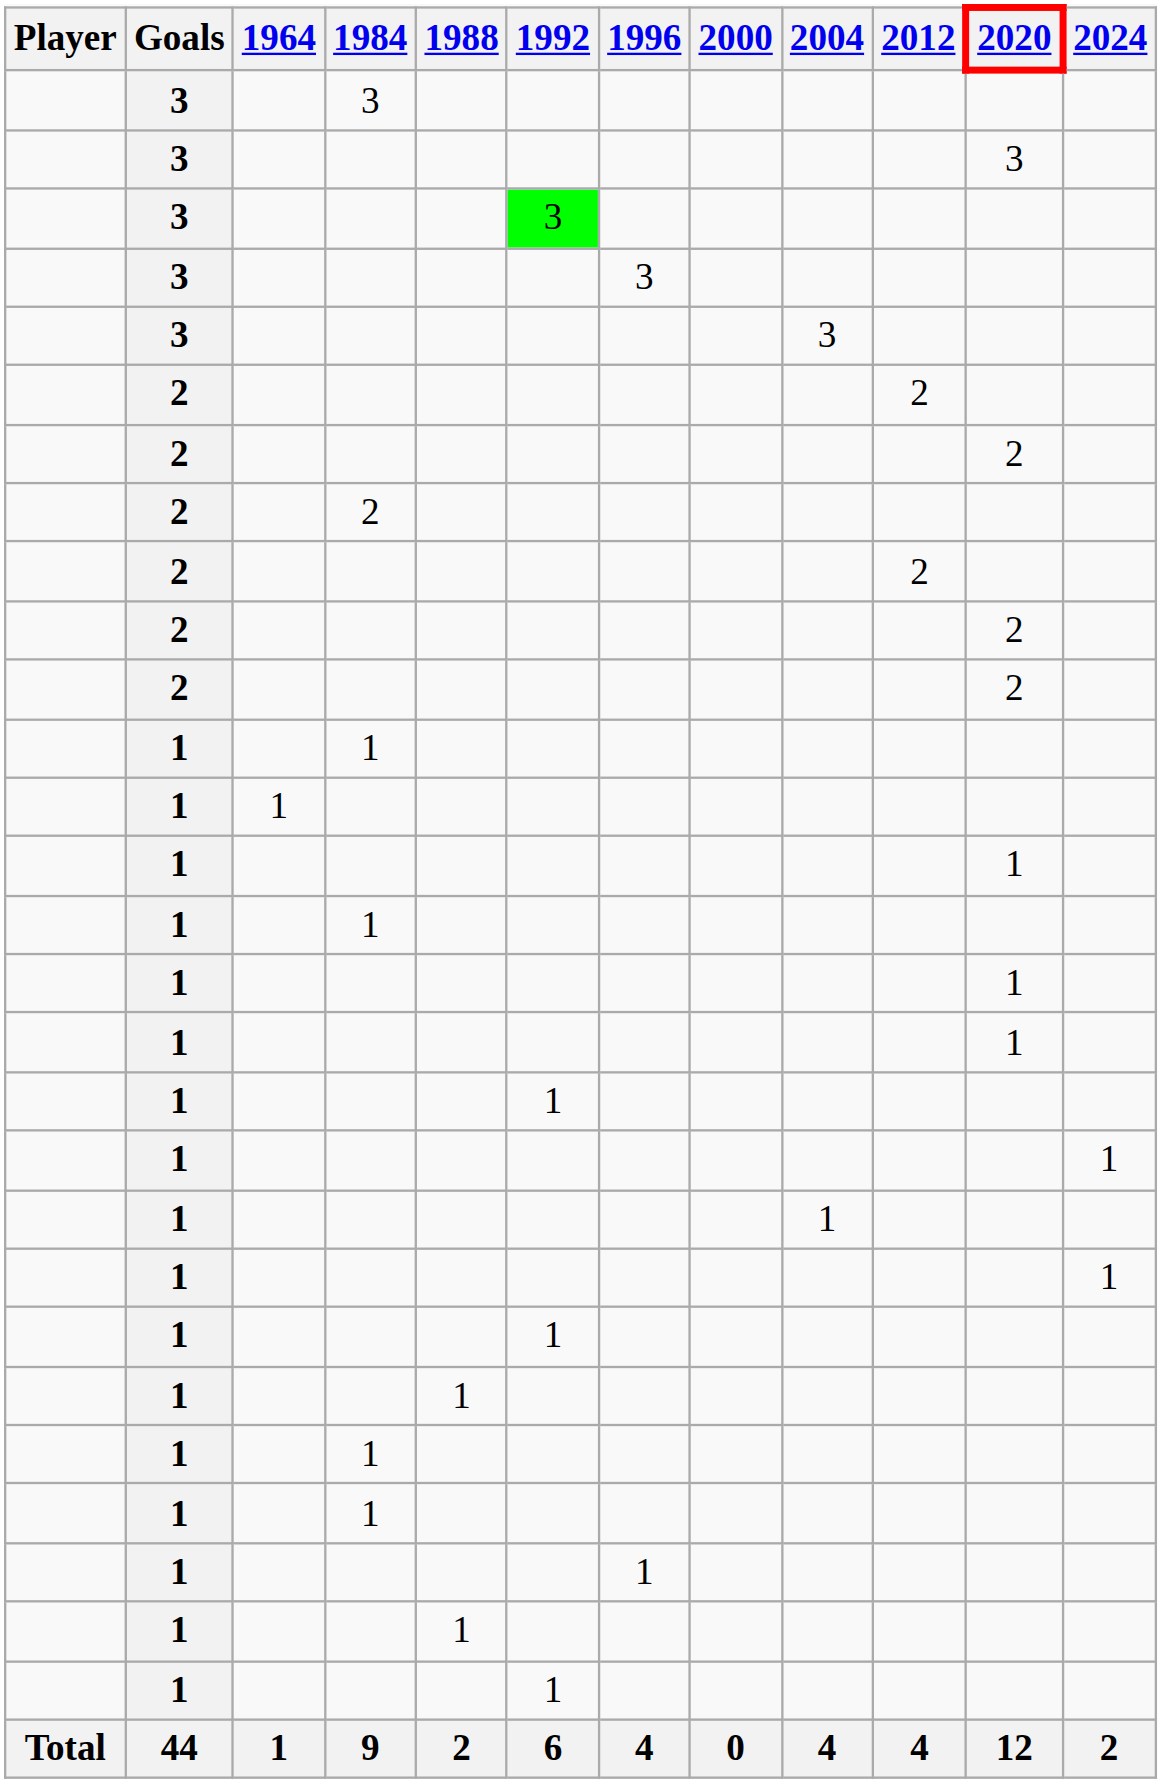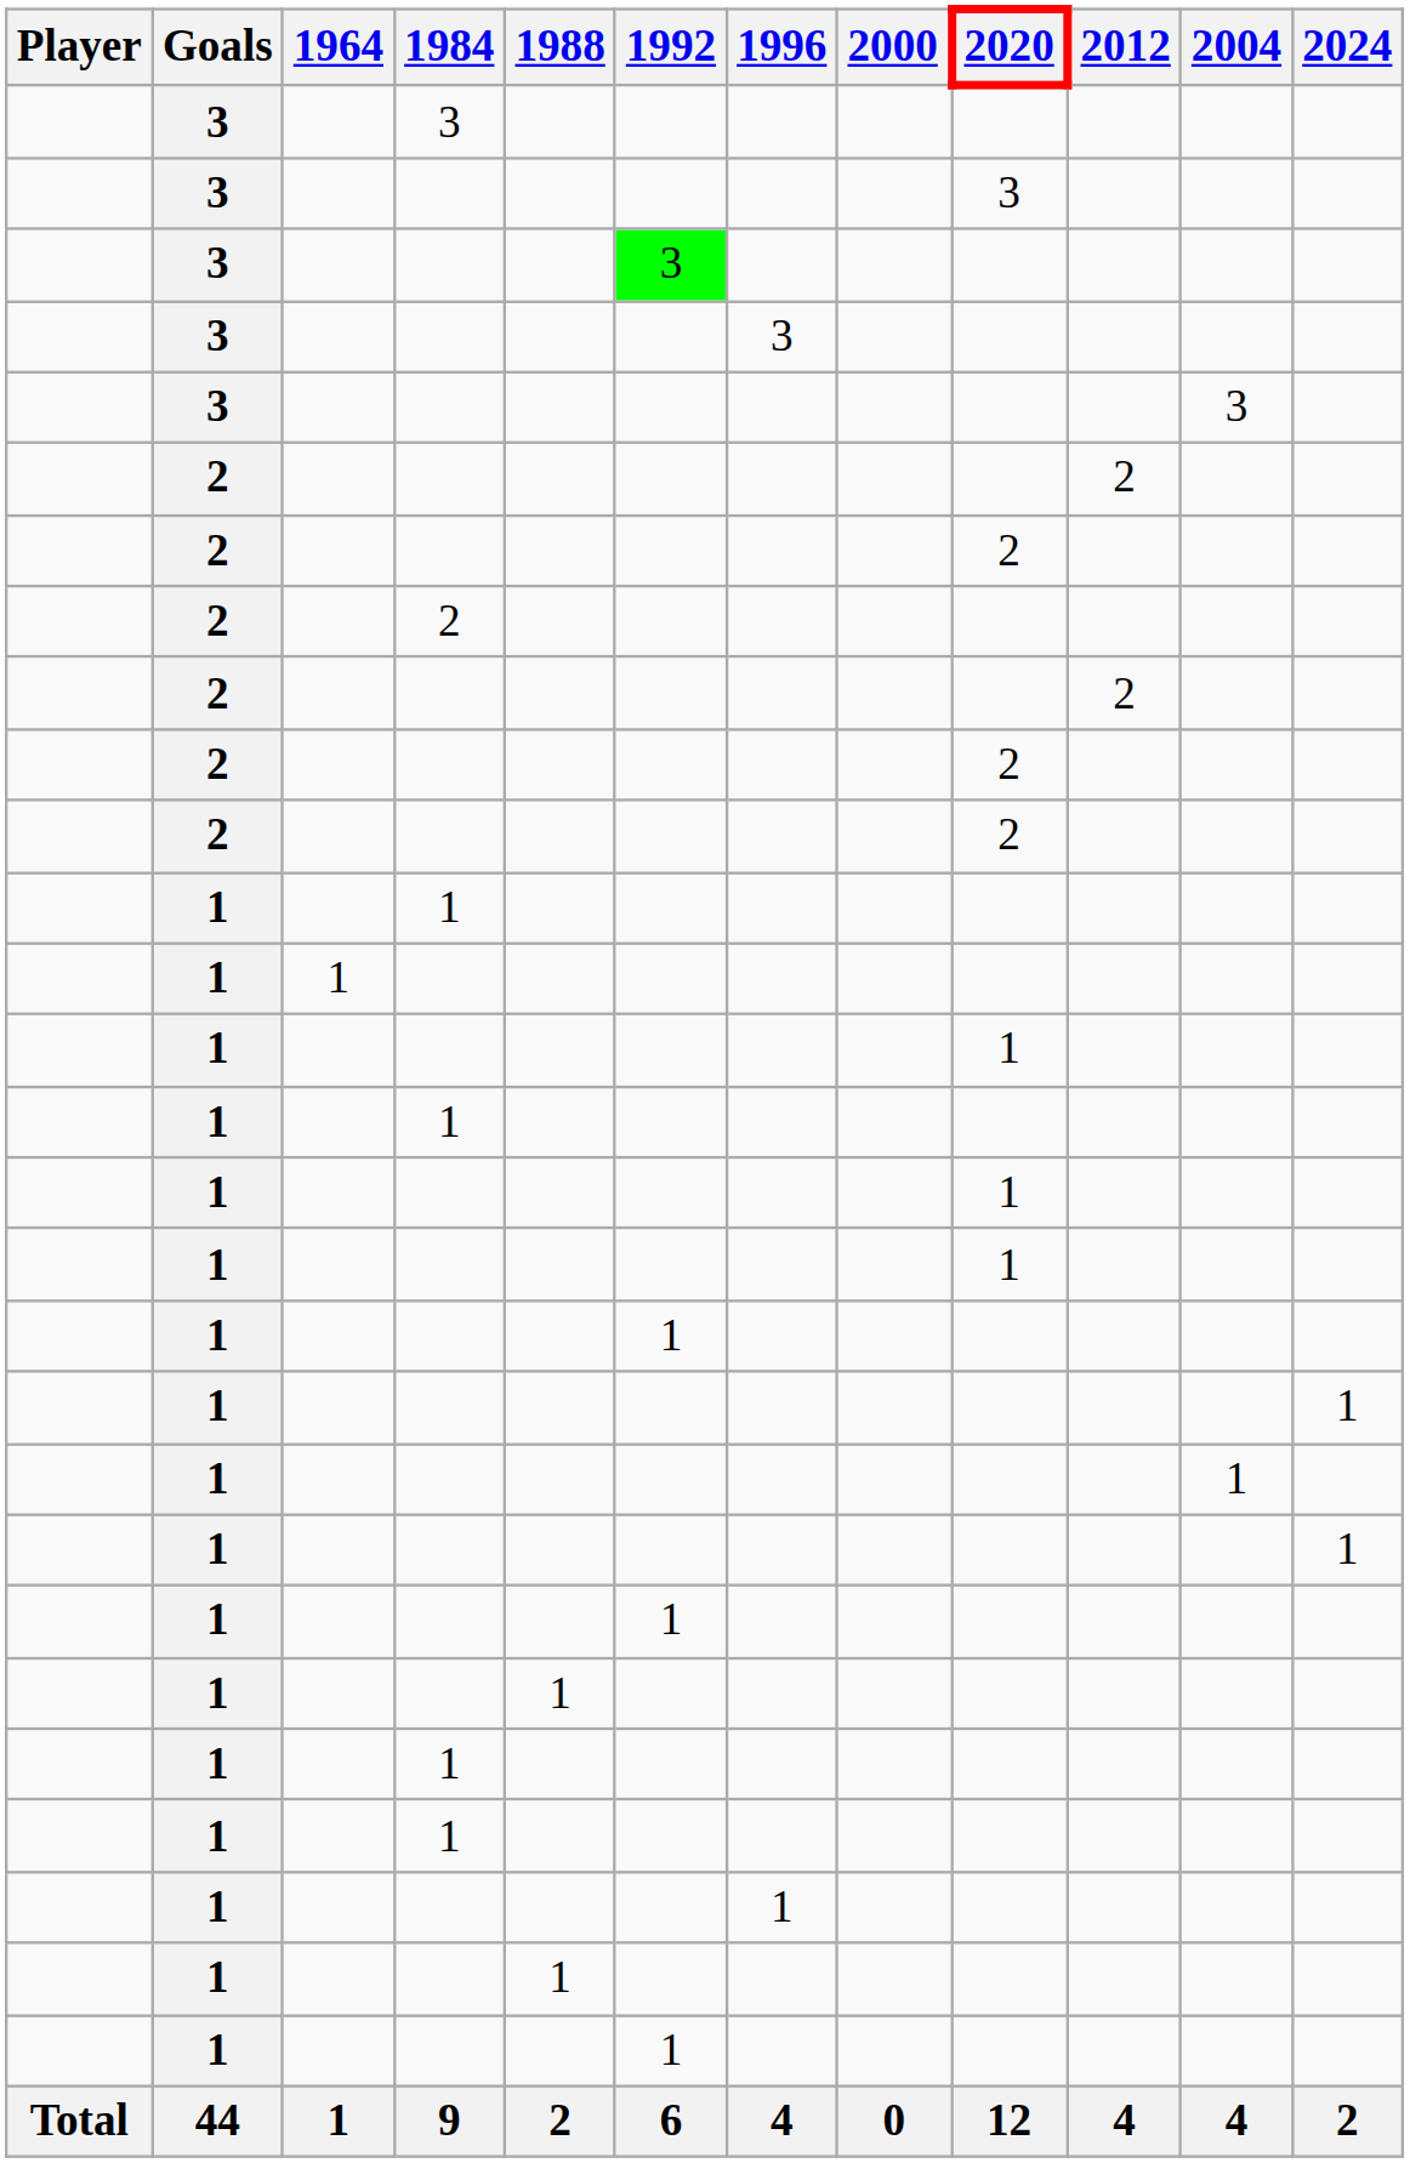 <table class="wikitable sortable" style="text-align:center;">
 <tr>
 <th>Player</th>
 <th>Goals</th>
 <th><a href='#'>1964</a></th>
 <th><a href='#'>1984</a></th>
 <th><a href='#'>1988</a></th>
 <th><a href='#'>1992</a></th>
 <th><a href='#'>1996</a></th>
 <th><a href='#'>2000</a></th>
+<th style="border: 3px solid red"><a href='#'>2020</a></th>
+<th><a href='#'>2012</a></th>
 <th><a href='#'>2004</a></th>
-<th><a href='#'>2012</a></th>
-<th style="border: 3px solid red"><a href='#'>2020</a></th>
 <th><a href='#'>2024</a></th>
 </tr>
 <tr>
 <td align="left"></td>
 <th>3</th>
 <td></td>
 <td>3</td>
 <td></td>
 <td></td>
 <td></td>
 <td></td>
 <td></td>
 <td></td>
 <td></td>
 <td></td>
 </tr>
 <tr>
 <td align="left"></td>
 <th>3</th>
 <td></td>
 <td></td>
 <td></td>
 <td></td>
 <td></td>
 <td></td>
+<td>3</td>
 <td></td>
 <td></td>
-<td>3</td>
 <td></td>
 </tr>
 <tr>
 <td align="left"></td>
 <th>3</th>
 <td></td>
 <td></td>
 <td></td>
 <td style="background:#00FF00">3</td>
 <td></td>
 <td></td>
 <td></td>
 <td></td>
 <td></td>
 <td></td>
 </tr>
 <tr>
 <td align="left"></td>
 <th>3</th>
 <td></td>
 <td></td>
 <td></td>
 <td></td>
 <td>3</td>
 <td></td>
 <td></td>
 <td></td>
 <td></td>
 <td></td>
 </tr>
 <tr>
 <td align="left"></td>
 <th>3</th>
 <td></td>
 <td></td>
 <td></td>
 <td></td>
 <td></td>
 <td></td>
-<td>3</td>
 <td></td>
 <td></td>
+<td>3</td>
 <td></td>
 </tr>
 <tr>
 <td align="left"></td>
 <th>2</th>
 <td></td>
 <td></td>
 <td></td>
 <td></td>
 <td></td>
 <td></td>
 <td></td>
 <td>2</td>
 <td></td>
 <td></td>
 </tr>
 <tr>
 <td align="left"></td>
 <th>2</th>
 <td></td>
 <td></td>
 <td></td>
 <td></td>
 <td></td>
 <td></td>
+<td>2</td>
 <td></td>
 <td></td>
-<td>2</td>
 <td></td>
 </tr>
 <tr>
 <td align="left"></td>
 <th>2</th>
 <td></td>
 <td>2</td>
 <td></td>
 <td></td>
 <td></td>
 <td></td>
 <td></td>
 <td></td>
 <td></td>
 <td></td>
 </tr>
 <tr>
 <td align="left"></td>
 <th>2</th>
 <td></td>
 <td></td>
 <td></td>
 <td></td>
 <td></td>
 <td></td>
 <td></td>
 <td>2</td>
 <td></td>
 <td></td>
 </tr>
 <tr>
 <td align="left"></td>
 <th>2</th>
 <td></td>
 <td></td>
 <td></td>
 <td></td>
 <td></td>
 <td></td>
+<td>2</td>
 <td></td>
 <td></td>
-<td>2</td>
 <td></td>
 </tr>
 <tr>
 <td align="left"></td>
 <th>2</th>
 <td></td>
 <td></td>
 <td></td>
 <td></td>
 <td></td>
 <td></td>
+<td>2</td>
 <td></td>
 <td></td>
-<td>2</td>
 <td></td>
 </tr>
 <tr>
 <td align="left"></td>
 <th>1</th>
 <td></td>
 <td>1</td>
 <td></td>
 <td></td>
 <td></td>
 <td></td>
 <td></td>
 <td></td>
 <td></td>
 <td></td>
 </tr>
 <tr>
 <td align="left"></td>
 <th>1</th>
 <td>1</td>
 <td></td>
 <td></td>
 <td></td>
 <td></td>
 <td></td>
 <td></td>
 <td></td>
 <td></td>
 <td></td>
 </tr>
 <tr>
 <td align="left"></td>
 <th>1</th>
 <td></td>
 <td></td>
 <td></td>
 <td></td>
 <td></td>
 <td></td>
+<td>1</td>
 <td></td>
 <td></td>
-<td>1</td>
 <td></td>
 </tr>
 <tr>
 <td align="left"></td>
 <th>1</th>
 <td></td>
 <td>1</td>
 <td></td>
 <td></td>
 <td></td>
 <td></td>
 <td></td>
 <td></td>
 <td></td>
 <td></td>
 </tr>
 <tr>
 <td align="left"></td>
 <th>1</th>
 <td></td>
 <td></td>
 <td></td>
 <td></td>
 <td></td>
 <td></td>
+<td>1</td>
 <td></td>
 <td></td>
-<td>1</td>
 <td></td>
 </tr>
 <tr>
 <td align="left"></td>
 <th>1</th>
 <td></td>
 <td></td>
 <td></td>
 <td></td>
 <td></td>
 <td></td>
+<td>1</td>
 <td></td>
 <td></td>
-<td>1</td>
 <td></td>
 </tr>
 <tr>
 <td align="left"></td>
 <th>1</th>
 <td></td>
 <td></td>
 <td></td>
 <td>1</td>
 <td></td>
 <td></td>
 <td></td>
 <td></td>
 <td></td>
 <td></td>
 </tr>
 <tr>
 <td align="left"></td>
 <th>1</th>
 <td></td>
 <td></td>
 <td></td>
 <td></td>
 <td></td>
 <td></td>
 <td></td>
 <td></td>
 <td></td>
 <td>1</td>
 </tr>
 <tr>
 <td align="left"></td>
 <th>1</th>
 <td></td>
 <td></td>
 <td></td>
 <td></td>
 <td></td>
 <td></td>
-<td>1</td>
 <td></td>
 <td></td>
+<td>1</td>
 <td></td>
 </tr>
 <tr>
 <td align="left"></td>
 <th>1</th>
 <td></td>
 <td></td>
 <td></td>
 <td></td>
 <td></td>
 <td></td>
 <td></td>
 <td></td>
 <td></td>
 <td>1</td>
 </tr>
 <tr>
 <td align="left"></td>
 <th>1</th>
 <td></td>
 <td></td>
 <td></td>
 <td>1</td>
 <td></td>
 <td></td>
 <td></td>
 <td></td>
 <td></td>
 <td></td>
 </tr>
 <tr>
 <td align="left"></td>
 <th>1</th>
 <td></td>
 <td></td>
 <td>1</td>
 <td></td>
 <td></td>
 <td></td>
 <td></td>
 <td></td>
 <td></td>
 <td></td>
 </tr>
 <tr>
 <td align="left"></td>
 <th>1</th>
 <td></td>
 <td>1</td>
 <td></td>
 <td></td>
 <td></td>
 <td></td>
 <td></td>
 <td></td>
 <td></td>
 <td></td>
 </tr>
 <tr>
 <td align="left"></td>
 <th>1</th>
 <td></td>
 <td>1</td>
 <td></td>
 <td></td>
 <td></td>
 <td></td>
 <td></td>
 <td></td>
 <td></td>
 <td></td>
 </tr>
 <tr>
 <td align="left"></td>
 <th>1</th>
 <td></td>
 <td></td>
 <td></td>
 <td></td>
 <td>1</td>
 <td></td>
 <td></td>
 <td></td>
 <td></td>
 <td></td>
 </tr>
 <tr>
 <td align="left"></td>
 <th>1</th>
 <td></td>
 <td></td>
 <td>1</td>
 <td></td>
 <td></td>
 <td></td>
 <td></td>
 <td></td>
 <td></td>
 <td></td>
 </tr>
 <tr>
 <td align="left"></td>
 <th>1</th>
 <td></td>
 <td></td>
 <td></td>
 <td>1</td>
 <td></td>
 <td></td>
 <td></td>
 <td></td>
 <td></td>
 <td></td>
 </tr>
 <tr class="sortbottom">
 <th>Total</th>
 <th>44</th>
 <th>1</th>
 <th>9</th>
 <th>2</th>
 <th>6</th>
 <th>4</th>
 <th>0</th>
+<th>12</th>
 <th>4</th>
 <th>4</th>
-<th>12</th>
 <th>2</th>
 </tr>
 </table>
